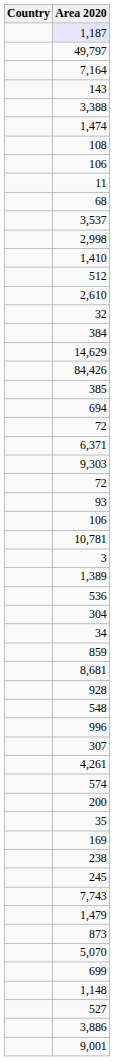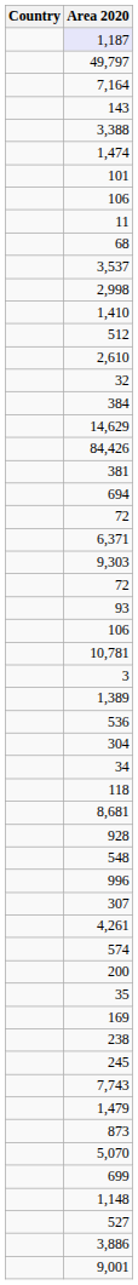 <table class="wikitable sortable">
 <tr>
 <th>Country</th>
 <th>Area 2020</th>
 </tr>
 <tr>
 <td></td>
 <td style="background: lavender; text-align: right;">1,187</td>
 </tr>
 <tr>
 <td></td>
 <td style="text-align: right;">49,797</td>
 </tr>
 <tr>
 <td></td>
 <td style="text-align: right;">7,164</td>
 </tr>
 <tr>
 <td></td>
 <td style="text-align: right;">143</td>
 </tr>
 <tr>
 <td></td>
 <td style="text-align: right;">3,388</td>
 </tr>
 <tr>
 <td></td>
 <td style="text-align: right;">1,474</td>
 </tr>
 <tr>
 <td></td>
-<td style="text-align: right;">108</td>
+<td style="text-align: right;">101</td>
 </tr>
 <tr>
 <td></td>
 <td style="text-align: right;">106</td>
 </tr>
 <tr>
 <td></td>
 <td style="text-align: right;">11</td>
 </tr>
 <tr>
 <td></td>
 <td style="text-align: right;">68</td>
 </tr>
 <tr>
 <td></td>
 <td style="text-align: right;">3,537</td>
 </tr>
 <tr>
 <td></td>
 <td style="text-align: right;">2,998</td>
 </tr>
 <tr>
 <td></td>
 <td style="text-align: right;">1,410</td>
 </tr>
 <tr>
 <td></td>
 <td style="text-align: right;">512</td>
 </tr>
 <tr>
 <td></td>
 <td style="text-align: right;">2,610</td>
 </tr>
 <tr>
 <td></td>
 <td style="text-align: right;">32</td>
 </tr>
 <tr>
 <td></td>
 <td style="text-align: right;">384</td>
 </tr>
 <tr>
 <td></td>
 <td style="text-align: right;">14,629</td>
 </tr>
 <tr>
 <td></td>
 <td style="text-align: right;">84,426</td>
 </tr>
 <tr>
 <td></td>
-<td style="text-align: right;">385</td>
+<td style="text-align: right;">381</td>
 </tr>
 <tr>
 <td></td>
 <td style="text-align: right;">694</td>
 </tr>
 <tr>
 <td></td>
 <td style="text-align: right;">72</td>
 </tr>
 <tr>
 <td></td>
 <td style="text-align: right;">6,371</td>
 </tr>
 <tr>
 <td></td>
 <td style="text-align: right;">9,303</td>
 </tr>
 <tr>
 <td></td>
 <td style="text-align: right;">72</td>
 </tr>
 <tr>
 <td></td>
 <td style="text-align: right;">93</td>
 </tr>
 <tr>
 <td></td>
 <td style="text-align: right;">106</td>
 </tr>
 <tr>
 <td></td>
 <td style="text-align: right;">10,781</td>
 </tr>
 <tr>
 <td></td>
 <td style="text-align: right;">3</td>
 </tr>
 <tr>
 <td></td>
 <td style="text-align: right;">1,389</td>
 </tr>
 <tr>
 <td></td>
 <td style="text-align: right;">536</td>
 </tr>
 <tr>
 <td></td>
 <td style="text-align: right;">304</td>
 </tr>
 <tr>
 <td></td>
 <td style="text-align: right;">34</td>
 </tr>
 <tr>
 <td></td>
-<td style="text-align: right;">859</td>
+<td style="text-align: right;">118</td>
 </tr>
 <tr>
 <td></td>
 <td style="text-align: right;">8,681</td>
 </tr>
 <tr>
 <td></td>
 <td style="text-align: right;">928</td>
 </tr>
 <tr>
 <td></td>
 <td style="text-align: right;">548</td>
 </tr>
 <tr>
 <td></td>
 <td style="text-align: right;">996</td>
 </tr>
 <tr>
 <td></td>
 <td style="text-align: right;">307</td>
 </tr>
 <tr>
 <td></td>
 <td style="text-align: right;">4,261</td>
 </tr>
 <tr>
 <td></td>
 <td style="text-align: right;">574</td>
 </tr>
 <tr>
 <td></td>
 <td style="text-align: right;">200</td>
 </tr>
 <tr>
 <td></td>
 <td style="text-align: right;">35</td>
 </tr>
 <tr>
 <td></td>
 <td style="text-align: right;">169</td>
 </tr>
 <tr>
 <td></td>
 <td style="text-align: right;">238</td>
 </tr>
 <tr>
 <td></td>
 <td style="text-align: right;">245</td>
 </tr>
 <tr>
 <td></td>
 <td style="text-align: right;">7,743</td>
 </tr>
 <tr>
 <td></td>
 <td style="text-align: right;">1,479</td>
 </tr>
 <tr>
 <td></td>
 <td style="text-align: right;">873</td>
 </tr>
 <tr>
 <td></td>
 <td style="text-align: right;">5,070</td>
 </tr>
 <tr>
 <td></td>
 <td style="text-align: right;">699</td>
 </tr>
 <tr>
 <td></td>
 <td style="text-align: right;">1,148</td>
 </tr>
 <tr>
 <td></td>
 <td style="text-align: right;">527</td>
 </tr>
 <tr>
 <td></td>
 <td style="text-align: right;">3,886</td>
 </tr>
 <tr>
 <td></td>
 <td style="text-align: right;">9,001</td>
 </tr>
 </table>
